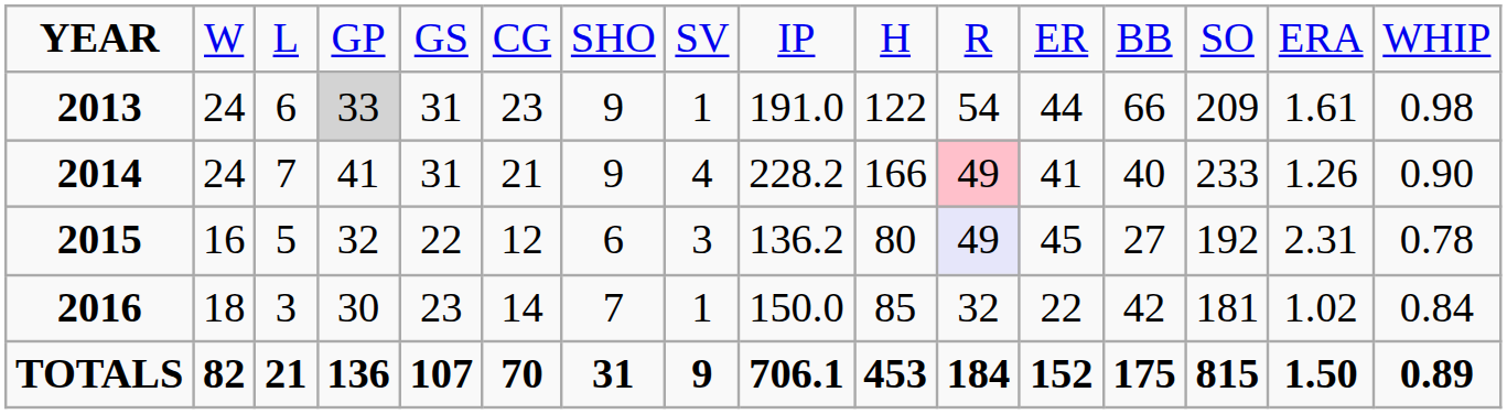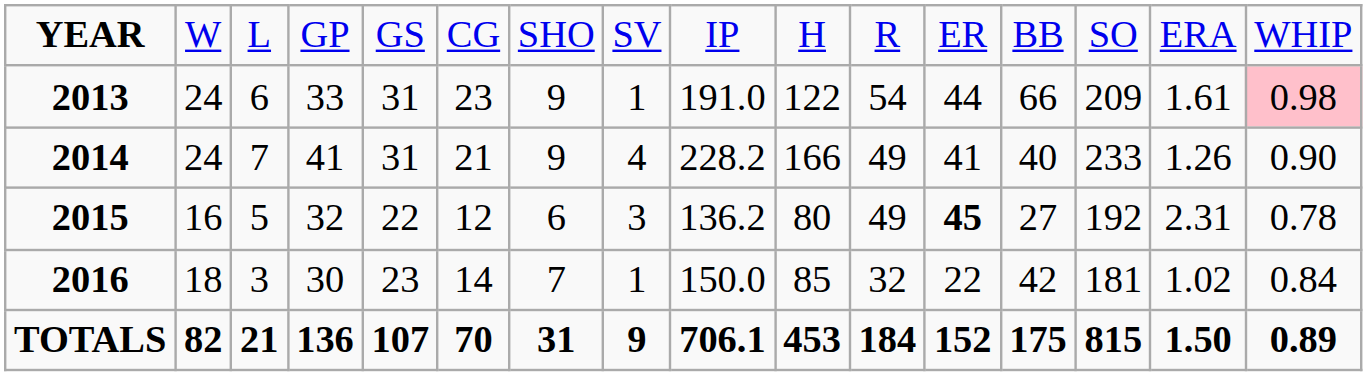 <table class="wikitable">
 <tr align=center>
 <td><strong>YEAR</strong></td>
 <td><a href='#'>W</a></td>
 <td><a href='#'>L</a></td>
 <td><a href='#'>GP</a></td>
 <td><a href='#'>GS</a></td>
 <td><a href='#'>CG</a></td>
 <td><a href='#'>SHO</a></td>
 <td><a href='#'>SV</a></td>
 <td><a href='#'>IP</a></td>
 <td><a href='#'>H</a></td>
 <td><a href='#'>R</a></td>
 <td><a href='#'>ER</a></td>
 <td><a href='#'>BB</a></td>
 <td><a href='#'>SO</a></td>
 <td><a href='#'>ERA</a></td>
 <td><a href='#'>WHIP</a></td>
 </tr>
 <tr align=center>
 <td><strong>2013</strong></td>
 <td>24</td>
 <td>6</td>
-<td style="background: lightgrey;">33</td>
+<td>33</td>
 <td>31</td>
 <td>23</td>
 <td>9</td>
 <td>1</td>
 <td>191.0</td>
 <td>122</td>
 <td>54</td>
 <td>44</td>
 <td>66</td>
 <td>209</td>
 <td>1.61</td>
-<td>0.98</td>
+<td style="background: pink;">0.98</td>
 </tr>
 <tr align=center>
 <td><strong>2014</strong></td>
 <td>24</td>
 <td>7</td>
 <td>41</td>
 <td>31</td>
 <td>21</td>
 <td>9</td>
 <td>4</td>
 <td>228.2</td>
 <td>166</td>
-<td style="background: pink;">49</td>
+<td>49</td>
 <td>41</td>
 <td>40</td>
 <td>233</td>
 <td>1.26</td>
 <td>0.90</td>
 </tr>
 <tr align=center>
 <td><strong>2015</strong></td>
 <td>16</td>
 <td>5</td>
 <td>32</td>
 <td>22</td>
 <td>12</td>
 <td>6</td>
 <td>3</td>
 <td>136.2</td>
 <td>80</td>
-<td style="background: lavender;">49</td>
-<td>45</td>
+<td>49</td>
+<td><strong>45</strong></td>
 <td>27</td>
 <td>192</td>
 <td>2.31</td>
 <td>0.78</td>
 </tr>
 <tr align=center>
 <td><strong>2016</strong></td>
 <td>18</td>
 <td>3</td>
 <td>30</td>
 <td>23</td>
 <td>14</td>
 <td>7</td>
 <td>1</td>
 <td>150.0</td>
 <td>85</td>
 <td>32</td>
 <td>22</td>
 <td>42</td>
 <td>181</td>
 <td>1.02</td>
 <td>0.84</td>
 </tr>
 <tr align=center>
 <td><strong>TOTALS</strong></td>
 <td><strong>82</strong></td>
 <td><strong>21</strong></td>
 <td><strong>136</strong></td>
 <td><strong>107</strong></td>
 <td><strong>70</strong></td>
 <td><strong>31</strong></td>
 <td><strong>9</strong></td>
 <td><strong>706.1</strong></td>
 <td><strong>453</strong></td>
 <td><strong>184</strong></td>
 <td><strong>152</strong></td>
 <td><strong>175</strong></td>
 <td><strong>815</strong></td>
 <td><strong>1.50</strong></td>
 <td><strong>0.89</strong></td>
 </tr>
 </table>
